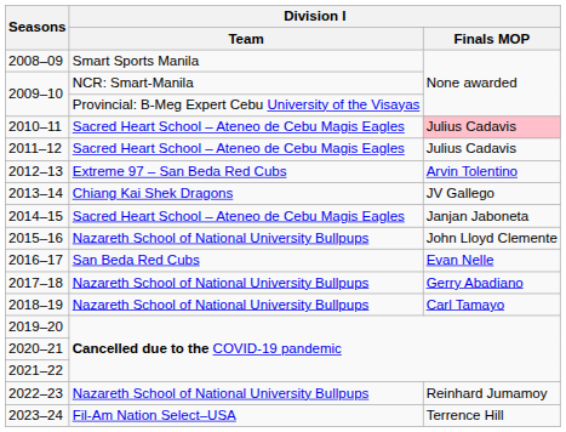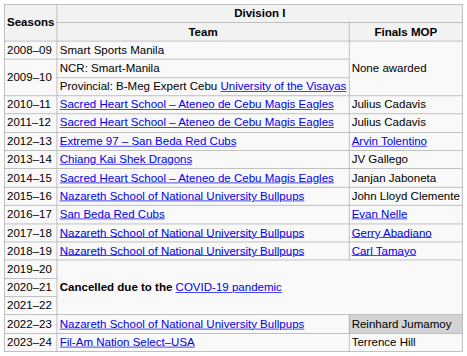 <table class="wikitable">
 <tr>
 <th rowspan="2">Seasons</th>
 <th colspan="2">Division I</th>
 </tr>
 <tr>
 <th>Team</th>
 <th>Finals MOP</th>
 </tr>
 <tr>
 <td>2008–09</td>
 <td>Smart Sports Manila</td>
 <td rowspan="3">None awarded</td>
 </tr>
 <tr>
 <td rowspan="2">2009–10</td>
 <td>NCR: Smart-Manila</td>
 </tr>
 <tr>
 <td>Provincial: B-Meg Expert Cebu <a href='#'>University of the Visayas</a></td>
 </tr>
 <tr>
 <td>2010–11</td>
 <td><a href='#'>Sacred Heart School – Ateneo de Cebu Magis Eagles</a></td>
-<td style="background: pink;">Julius Cadavis</td>
+<td>Julius Cadavis</td>
 </tr>
 <tr>
 <td>2011–12</td>
 <td><a href='#'>Sacred Heart School – Ateneo de Cebu Magis Eagles</a></td>
 <td>Julius Cadavis</td>
 </tr>
 <tr>
 <td>2012–13</td>
 <td><a href='#'>Extreme 97 – San Beda Red Cubs</a></td>
 <td><a href='#'>Arvin Tolentino</a></td>
 </tr>
 <tr>
 <td>2013–14</td>
 <td><a href='#'>Chiang Kai Shek Dragons</a></td>
 <td>JV Gallego</td>
 </tr>
 <tr>
 <td>2014–15</td>
 <td><a href='#'>Sacred Heart School – Ateneo de Cebu Magis Eagles</a></td>
 <td>Janjan Jaboneta</td>
 </tr>
 <tr>
 <td>2015–16</td>
 <td><a href='#'>Nazareth School of National University Bullpups</a></td>
 <td>John Lloyd Clemente</td>
 </tr>
 <tr>
 <td>2016–17</td>
 <td><a href='#'>San Beda Red Cubs</a></td>
 <td><a href='#'>Evan Nelle</a></td>
 </tr>
 <tr>
 <td>2017–18</td>
 <td><a href='#'>Nazareth School of National University Bullpups</a></td>
 <td><a href='#'>Gerry Abadiano</a></td>
 </tr>
 <tr>
 <td>2018–19</td>
 <td><a href='#'>Nazareth School of National University Bullpups</a></td>
 <td><a href='#'>Carl Tamayo</a></td>
 </tr>
 <tr>
 <td>2019–20</td>
 <td colspan="2" rowspan="3"><strong>Cancelled due to the</strong> <a href='#'>COVID-19 pandemic</a></td>
 </tr>
 <tr>
 <td>2020–21</td>
 </tr>
 <tr>
 <td>2021–22</td>
 </tr>
 <tr>
 <td>2022–23</td>
 <td><a href='#'>Nazareth School of National University Bullpups</a></td>
-<td>Reinhard Jumamoy</td>
+<td style="background: lightgrey;">Reinhard Jumamoy</td>
 </tr>
 <tr>
 <td>2023–24</td>
 <td><a href='#'>Fil-Am Nation Select–USA</a></td>
 <td>Terrence Hill</td>
 </tr>
 </table>
